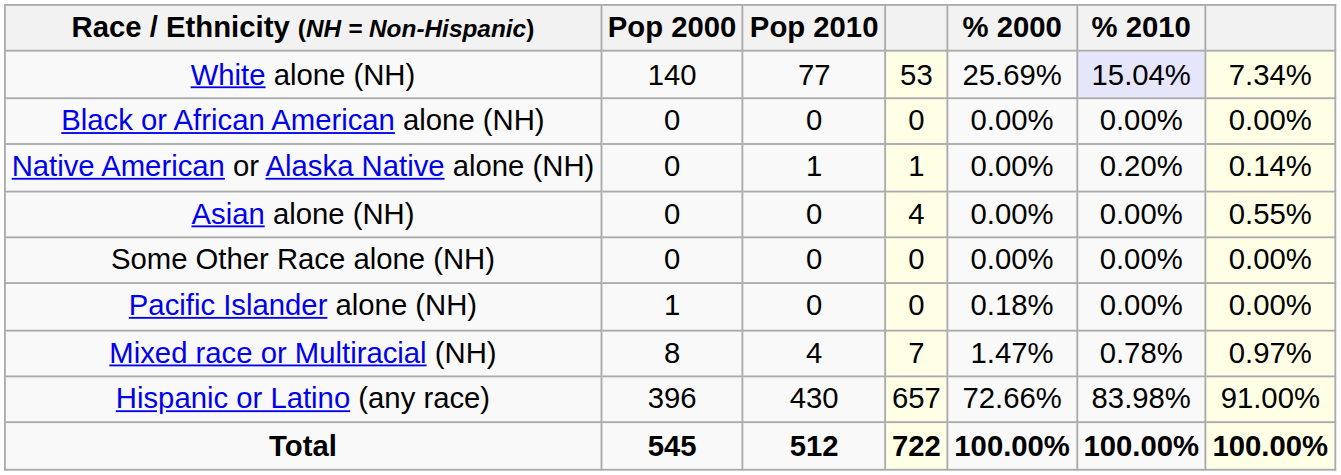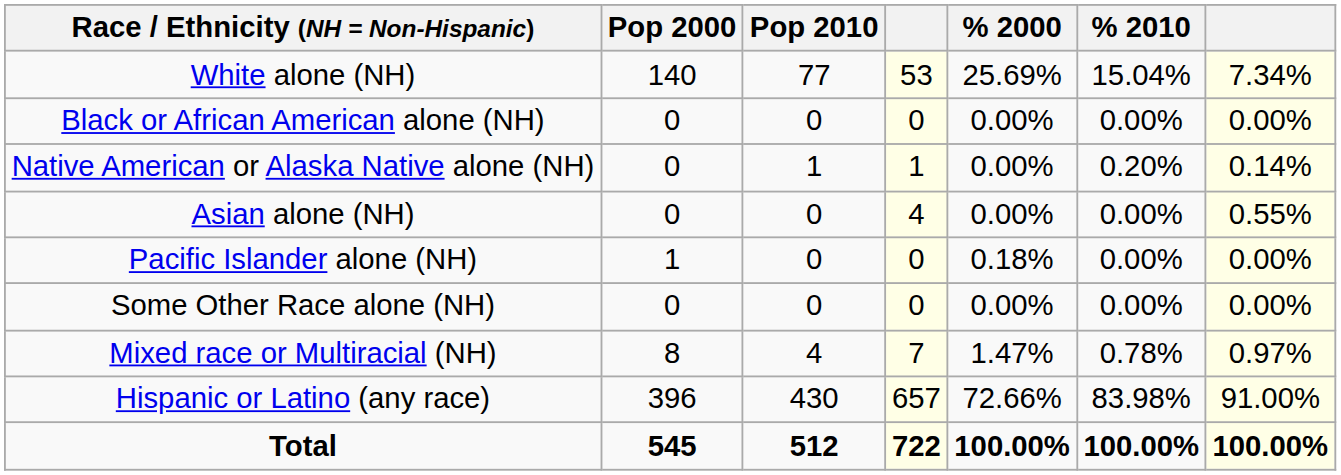 <table class="wikitable" style="text-align:center;">
 <tr>
 <th>Race / Ethnicity <small>(<em>NH = Non-Hispanic</em>)</small></th>
 <th>Pop 2000</th>
 <th>Pop 2010</th>
 <th></th>
 <th>% 2000</th>
 <th>% 2010</th>
 <th></th>
 </tr>
 <tr>
 <td><a href='#'>White</a> alone (NH)</td>
 <td>140</td>
 <td>77</td>
 <td style='background: #ffffe6;'>53</td>
 <td>25.69%</td>
-<td style="background: lavender;">15.04%</td>
+<td>15.04%</td>
 <td style='background: #ffffe6;'>7.34%</td>
 </tr>
 <tr>
 <td><a href='#'>Black or African American</a> alone (NH)</td>
 <td>0</td>
 <td>0</td>
 <td style='background: #ffffe6;'>0</td>
 <td>0.00%</td>
 <td>0.00%</td>
 <td style='background: #ffffe6;'>0.00%</td>
 </tr>
 <tr>
 <td><a href='#'>Native American</a> or <a href='#'>Alaska Native</a> alone (NH)</td>
 <td>0</td>
 <td>1</td>
 <td style='background: #ffffe6;'>1</td>
 <td>0.00%</td>
 <td>0.20%</td>
 <td style='background: #ffffe6;'>0.14%</td>
 </tr>
 <tr>
 <td><a href='#'>Asian</a> alone (NH)</td>
 <td>0</td>
 <td>0</td>
 <td style='background: #ffffe6;'>4</td>
 <td>0.00%</td>
 <td>0.00%</td>
 <td style='background: #ffffe6;'>0.55%</td>
 </tr>
 <tr>
+<td><a href='#'>Pacific Islander</a> alone (NH)</td>
+<td>1</td>
+<td>0</td>
+<td style='background: #ffffe6;'>0</td>
+<td>0.18%</td>
+<td>0.00%</td>
+<td style='background: #ffffe6;'>0.00%</td>
+</tr>
+<tr>
 <td>Some Other Race alone (NH)</td>
 <td>0</td>
 <td>0</td>
 <td style='background: #ffffe6;'>0</td>
 <td>0.00%</td>
-<td>0.00%</td>
-<td style='background: #ffffe6;'>0.00%</td>
-</tr>
-<tr>
-<td><a href='#'>Pacific Islander</a> alone (NH)</td>
-<td>1</td>
-<td>0</td>
-<td style='background: #ffffe6;'>0</td>
-<td>0.18%</td>
 <td>0.00%</td>
 <td style='background: #ffffe6;'>0.00%</td>
 </tr>
 <tr>
 <td><a href='#'>Mixed race or Multiracial</a> (NH)</td>
 <td>8</td>
 <td>4</td>
 <td style='background: #ffffe6;'>7</td>
 <td>1.47%</td>
 <td>0.78%</td>
 <td style='background: #ffffe6;'>0.97%</td>
 </tr>
 <tr>
 <td><a href='#'>Hispanic or Latino</a> (any race)</td>
 <td>396</td>
 <td>430</td>
 <td style='background: #ffffe6;'>657</td>
 <td>72.66%</td>
 <td>83.98%</td>
 <td style='background: #ffffe6;'>91.00%</td>
 </tr>
 <tr>
 <td><strong>Total</strong></td>
 <td><strong>545</strong></td>
 <td><strong>512</strong></td>
 <td style='background: #ffffe6;'><strong>722</strong></td>
 <td><strong>100.00%</strong></td>
 <td><strong>100.00%</strong></td>
 <td style='background: #ffffe6;'><strong>100.00%</strong></td>
 </tr>
 </table>
